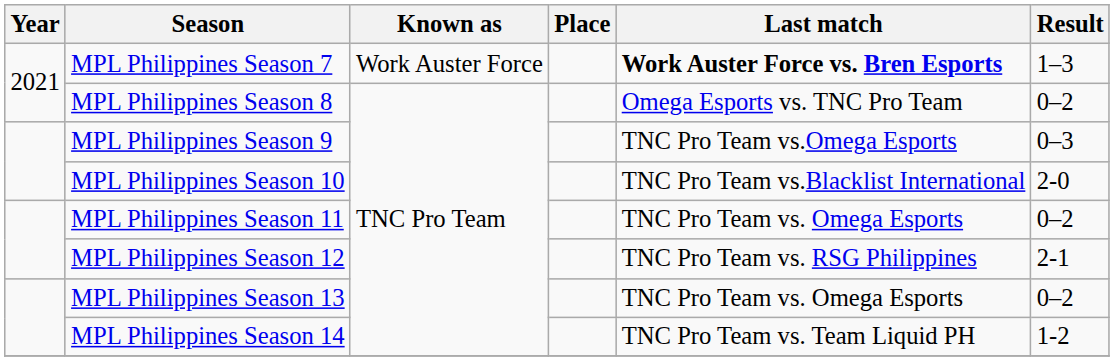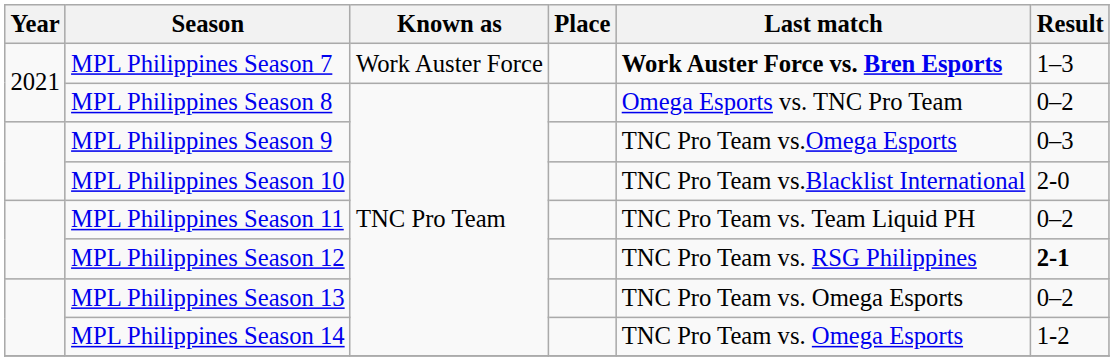 <table class="wikitable">
 <tr>
 <th>Year</th>
 <th>Season</th>
 <th>Known as</th>
 <th>Place</th>
 <th>Last match</th>
 <th>Result</th>
 </tr>
 <tr>
 <td rowspan=2>2021</td>
 <td><a href='#'>MPL Philippines Season 7</a></td>
 <td>Work Auster Force</td>
 <td></td>
 <td><strong>Work Auster Force vs. <a href='#'>Bren Esports</a></strong></td>
 <td>1–3</td>
 </tr>
 <tr>
 <td><a href='#'>MPL Philippines Season 8</a></td>
 <td rowspan="7">TNC Pro Team</td>
 <td></td>
 <td><a href='#'>Omega Esports</a> vs. TNC Pro Team</td>
 <td>0–2</td>
 </tr>
 <tr>
 <td rowspan=2></td>
 <td><a href='#'>MPL Philippines Season 9</a></td>
 <td></td>
 <td>TNC Pro Team vs.<a href='#'>Omega Esports</a></td>
 <td>0–3</td>
 </tr>
 <tr>
 <td><a href='#'>MPL Philippines Season 10</a></td>
 <td></td>
 <td>TNC Pro Team vs.<a href='#'>Blacklist International</a></td>
 <td>2-0</td>
 </tr>
 <tr>
 <td rowspan=2></td>
 <td><a href='#'>MPL Philippines Season 11</a></td>
 <td></td>
-<td>TNC Pro Team vs. <a href='#'>Omega Esports</a></td>
+<td>TNC Pro Team vs. Team Liquid PH</td>
 <td>0–2</td>
 </tr>
 <tr>
 <td><a href='#'>MPL Philippines Season 12</a></td>
 <td></td>
 <td>TNC Pro Team vs. <a href='#'>RSG Philippines</a></td>
-<td>2-1</td>
+<td><strong>2-1</strong></td>
 </tr>
 <tr>
 <td rowspan="2"></td>
 <td><a href='#'>MPL Philippines Season 13</a></td>
 <td></td>
 <td>TNC Pro Team vs. Omega Esports</td>
 <td>0–2</td>
 </tr>
 <tr>
 <td><a href='#'>MPL Philippines Season 14</a></td>
 <td></td>
-<td>TNC Pro Team vs. Team Liquid PH</td>
+<td>TNC Pro Team vs. <a href='#'>Omega Esports</a></td>
 <td>1-2</td>
 </tr>
 <tr>
 </tr>
 </table>
